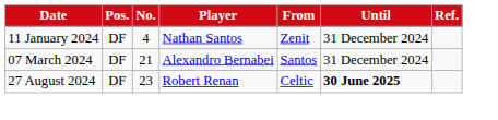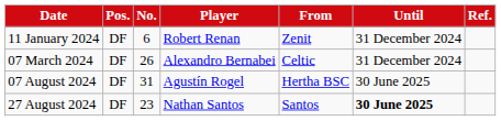 <table class="wikitable plainrowheaders sortable">
 <tr>
 <th style="background:#D10A11; color:#ffffff; ">Date</th>
 <th style="background:#D10A11; color:#ffffff; ">Pos.</th>
 <th style="background:#D10A11; color:#ffffff; ">No.</th>
 <th style="background:#D10A11; color:#ffffff; ">Player</th>
 <th style="background:#D10A11; color:#ffffff; ">From</th>
 <th style="background:#D10A11; color:#ffffff; ">Until</th>
 <th style="background:#D10A11; color:#ffffff; ">Ref.</th>
 </tr>
 <tr>
 <td>11 January 2024</td>
 <td style="text-align:center;">DF</td>
-<td style="text-align:center;">4</td>
-<td> <a href='#'>Nathan Santos</a></td>
+<td style="text-align:center;">6</td>
+<td style="text-align:left;"> <a href='#'>Robert Renan</a></td>
 <td style="text-align:left;"> <a href='#'>Zenit</a></td>
 <td>31 December 2024</td>
 <td></td>
 </tr>
 <tr>
 <td>07 March 2024</td>
 <td style="text-align:center;">DF</td>
-<td style="text-align:center;">21</td>
+<td style="text-align:center;">26</td>
 <td style="text-align:left;"> <a href='#'>Alexandro Bernabei</a></td>
-<td> <a href='#'>Santos</a></td>
+<td style="text-align:left;"> <a href='#'>Celtic</a></td>
 <td>31 December 2024</td>
+<td></td>
+</tr>
+<tr>
+<td>07 August 2024</td>
+<td style="text-align:center;">DF</td>
+<td style="text-align:center;">31</td>
+<td style="text-align:left;"> <a href='#'>Agustín Rogel</a></td>
+<td style="text-aglin:left;"> <a href='#'>Hertha BSC</a></td>
+<td>30 June 2025</td>
 <td></td>
 </tr>
 <tr>
 <td>27 August 2024</td>
 <td style="text-align:center;">DF</td>
 <td style="text-align:center;">23</td>
-<td style="text-align:left;"> <a href='#'>Robert Renan</a></td>
-<td style="text-align:left;"> <a href='#'>Celtic</a></td>
+<td> <a href='#'>Nathan Santos</a></td>
+<td> <a href='#'>Santos</a></td>
 <td><strong>30 June 2025</strong></td>
 <td></td>
 </tr>
 </table>
